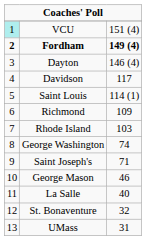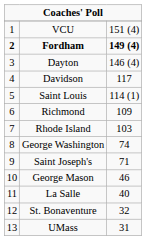 <table class="wikitable" style="display: inline-table;">
 <tr>
 <td align="center" Colspan="3"><strong>Coaches' Poll</strong></td>
 </tr>
 <tr align="center">
 </tr>
 <tr align="center">
-<td style="background: paleturquoise;">1</td>
+<td>1</td>
 <td>VCU</td>
 <td>151 (4)</td>
 </tr>
 <tr align="center">
 <td><strong>2</strong></td>
 <td><strong>Fordham</strong></td>
 <td><strong>149 (4)</strong></td>
 </tr>
 <tr align="center">
 <td>3</td>
 <td>Dayton</td>
 <td>146 (4)</td>
 </tr>
 <tr align="center">
 <td>4</td>
 <td>Davidson</td>
 <td>117</td>
 </tr>
 <tr align="center">
 <td>5</td>
 <td>Saint Louis</td>
 <td>114 (1)</td>
 </tr>
 <tr align="center">
 <td>6</td>
 <td>Richmond</td>
 <td>109</td>
 </tr>
 <tr align="center">
 <td>7</td>
 <td>Rhode Island</td>
 <td>103</td>
 </tr>
 <tr align="center">
 <td>8</td>
 <td>George Washington</td>
 <td>74</td>
 </tr>
 <tr align="center">
 <td>9</td>
 <td>Saint Joseph's</td>
 <td>71</td>
 </tr>
 <tr align="center">
 <td>10</td>
 <td>George Mason</td>
 <td>46</td>
 </tr>
 <tr align="center">
 <td>11</td>
 <td>La Salle</td>
 <td>40</td>
 </tr>
 <tr align="center">
 <td>12</td>
 <td>St. Bonaventure</td>
 <td>32</td>
 </tr>
 <tr align="center">
 <td>13</td>
 <td>UMass</td>
 <td>31</td>
 </tr>
 </table>
